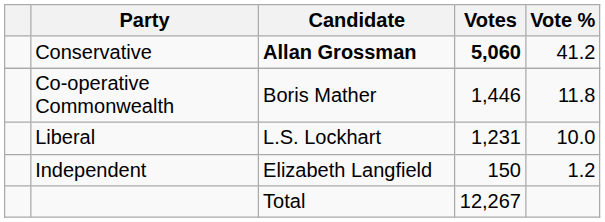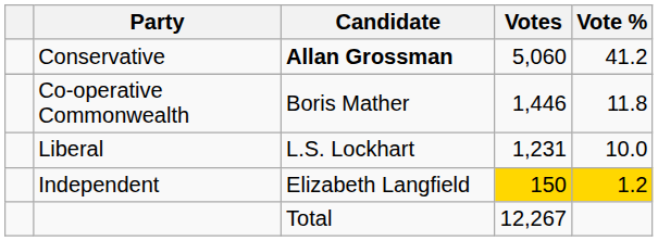 <table class="wikitable">
 <tr>
 <th></th>
 <th scope="col" width="175">Party</th>
 <th scope="col" width="150">Candidate</th>
 <th>Votes</th>
 <th>Vote %</th>
 </tr>
 <tr>
 <td>   </td>
 <td>Conservative</td>
 <td><strong>Allan Grossman</strong></td>
-<td align=right><strong>5,060</strong></td>
+<td align=right>5,060</td>
 <td align=right>41.2</td>
 </tr>
 <tr>
 </tr>
 <tr>
 <td>   </td>
 <td>Co-operative Commonwealth</td>
 <td>Boris Mather</td>
 <td align=right>1,446</td>
 <td align=right>11.8</td>
 </tr>
 <tr>
 <td>   </td>
 <td>Liberal</td>
 <td>L.S. Lockhart</td>
 <td align=right>1,231</td>
 <td align=right>10.0</td>
 </tr>
 <tr>
 <td>   </td>
 <td>Independent</td>
 <td>Elizabeth Langfield</td>
-<td align=right>150</td>
-<td align=right>1.2</td>
+<td align=right style="background: gold;">150</td>
+<td align=right style="background: gold;">1.2</td>
 </tr>
 <tr>
 <td></td>
 <td></td>
 <td>Total</td>
 <td align=right>12,267</td>
 <td></td>
 </tr>
 </table>
